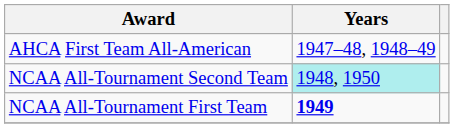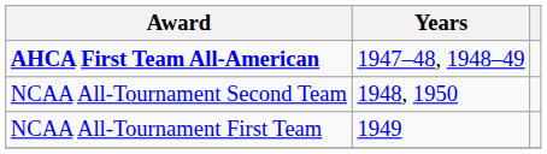 <table class="wikitable">
 <tr>
 <th>Award</th>
 <th>Years</th>
 <th></th>
 </tr>
 <tr>
-<td><a href='#'>AHCA</a> <a href='#'>First Team All-American</a></td>
+<td><strong><a href='#'>AHCA</a> <a href='#'>First Team All-American</a></strong></td>
 <td><a href='#'>1947–48</a>, <a href='#'>1948–49</a></td>
 <td></td>
 </tr>
 <tr>
 <td><a href='#'>NCAA</a> <a href='#'>All-Tournament Second Team</a></td>
-<td style="background: paleturquoise;"><a href='#'>1948</a>, <a href='#'>1950</a></td>
+<td><a href='#'>1948</a>, <a href='#'>1950</a></td>
 <td></td>
 </tr>
 <tr>
 <td><a href='#'>NCAA</a> <a href='#'>All-Tournament First Team</a></td>
-<td><strong><a href='#'>1949</a></strong></td>
+<td><a href='#'>1949</a></td>
 <td></td>
 </tr>
 <tr>
 </tr>
 </table>
